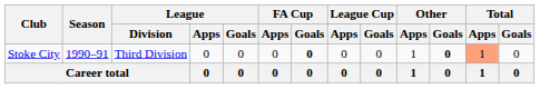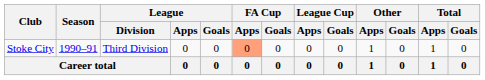 <table class="wikitable" style="text-align: center;">
 <tr>
 <th rowspan=2>Club</th>
 <th rowspan=2>Season</th>
 <th colspan=3>League</th>
 <th colspan=2>FA Cup</th>
 <th colspan=2>League Cup</th>
 <th colspan=2>Other</th>
 <th colspan=2>Total</th>
 </tr>
 <tr>
 <th>Division</th>
 <th>Apps</th>
 <th>Goals</th>
 <th>Apps</th>
 <th>Goals</th>
 <th>Apps</th>
 <th>Goals</th>
 <th>Apps</th>
 <th>Goals</th>
 <th>Apps</th>
 <th>Goals</th>
 </tr>
 <tr>
 <td><a href='#'>Stoke City</a></td>
 <td><a href='#'>1990–91</a></td>
 <td><a href='#'>Third Division</a></td>
 <td>0</td>
 <td>0</td>
+<td style="background: lightsalmon;">0</td>
 <td>0</td>
-<td><strong>0</strong></td>
 <td>0</td>
 <td>0</td>
 <td>1</td>
-<td><strong>0</strong></td>
-<td style="background: lightsalmon;">1</td>
+<td>0</td>
+<td>1</td>
 <td>0</td>
 </tr>
 <tr>
 <th colspan=3>Career total</th>
 <th>0</th>
 <th>0</th>
 <th>0</th>
 <th>0</th>
 <th>0</th>
 <th>0</th>
 <th>1</th>
 <th>0</th>
 <th>1</th>
 <th>0</th>
 </tr>
 </table>
